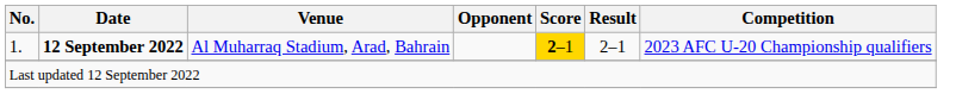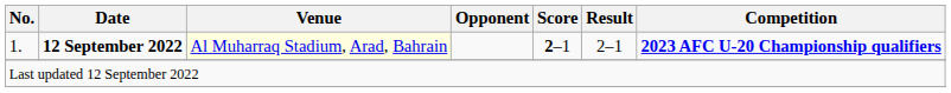 <table class="wikitable" style="font-size:100%;">
 <tr>
 <th>No.</th>
 <th>Date</th>
 <th>Venue</th>
 <th>Opponent</th>
 <th>Score</th>
 <th>Result</th>
 <th>Competition</th>
 </tr>
 <tr>
 <td>1.</td>
 <td><strong>12 September 2022</strong></td>
-<td><a href='#'>Al Muharraq Stadium</a>, <a href='#'>Arad</a>, <a href='#'>Bahrain</a></td>
+<td style="background: lightyellow;"><a href='#'>Al Muharraq Stadium</a>, <a href='#'>Arad</a>, <a href='#'>Bahrain</a></td>
 <td></td>
-<td align=center style="background: gold;"><strong>2</strong>–1</td>
+<td align=center><strong>2</strong>–1</td>
 <td align=center>2–1</td>
-<td><a href='#'>2023 AFC U-20 Championship qualifiers</a></td>
+<td><strong><a href='#'>2023 AFC U-20 Championship qualifiers</a></strong></td>
 </tr>
 <tr>
 </tr>
 <tr>
 <td colspan="8"><small>Last updated 12 September 2022</small></td>
 </tr>
 <tr>
 </tr>
 </table>
